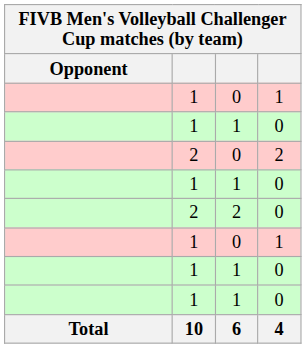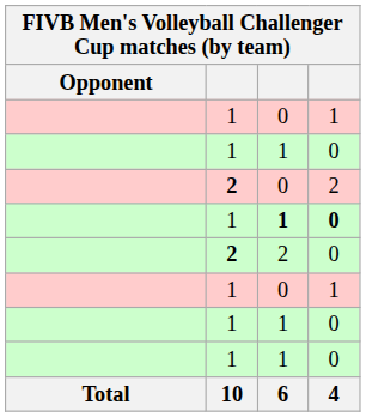 <table class="wikitable sortable" style="text-align: center;">
 <tr>
 <th colspan=8>FIVB Men's Volleyball Challenger Cup matches (by team)</th>
 </tr>
 <tr>
 <th width="140">Opponent</th>
 <th width=30></th>
 <th width=30></th>
 <th width=30></th>
 </tr>
 <tr bgcolor=#FFCCCC>
 <td align="left"></td>
 <td>1</td>
 <td>0</td>
 <td>1</td>
 </tr>
 <tr bgcolor=#CCFFCC>
 <td align="left"></td>
 <td>1</td>
 <td>1</td>
 <td>0</td>
 </tr>
 <tr bgcolor=#FFCCCC>
 <td align="left"></td>
-<td>2</td>
+<td><strong>2</strong></td>
 <td>0</td>
 <td>2</td>
 </tr>
 <tr bgcolor=#CCFFCC>
 <td align="left"></td>
 <td>1</td>
-<td>1</td>
-<td>0</td>
+<td><strong>1</strong></td>
+<td><strong>0</strong></td>
 </tr>
 <tr bgcolor=#CCFFCC>
 <td align="left"></td>
-<td>2</td>
+<td><strong>2</strong></td>
 <td>2</td>
 <td>0</td>
 </tr>
 <tr bgcolor=#FFCCCC>
 <td align="left"></td>
 <td>1</td>
 <td>0</td>
 <td>1</td>
 </tr>
 <tr bgcolor=#CCFFCC>
 <td align="left"></td>
 <td>1</td>
 <td>1</td>
 <td>0</td>
 </tr>
 <tr bgcolor=#CCFFCC>
 <td align="left"></td>
 <td>1</td>
 <td>1</td>
 <td>0</td>
 </tr>
 <tr>
 <th>Total</th>
 <th>10</th>
 <th>6</th>
 <th>4</th>
 </tr>
 </table>
